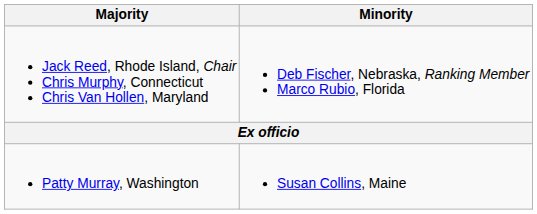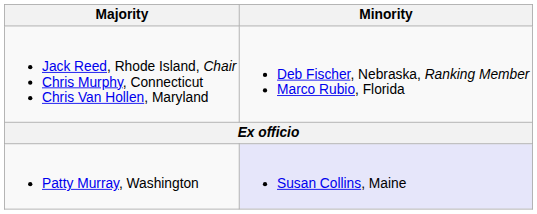 <table class=wikitable>
 <tr>
 <th>Majority</th>
 <th>Minority</th>
 </tr>
 <tr>
 <td><br><ul><li><a href='#'>Jack Reed</a>, Rhode Island, <em>Chair</em></li><li><a href='#'>Chris Murphy</a>, Connecticut</li><li><a href='#'>Chris Van Hollen</a>, Maryland</li></ul></td>
 <td><br><ul><li><a href='#'>Deb Fischer</a>, Nebraska, <em>Ranking Member</em></li><li><a href='#'>Marco Rubio</a>, Florida</li></ul></td>
 </tr>
 <tr>
 <th colspan=2 align=center><em>Ex officio</em></th>
 </tr>
 <tr>
 <td><br><ul><li><a href='#'>Patty Murray</a>, Washington</li></ul></td>
-<td><br><ul><li><a href='#'>Susan Collins</a>, Maine</li></ul></td>
+<td style="background: lavender;"><br><ul><li><a href='#'>Susan Collins</a>, Maine</li></ul></td>
 </tr>
 </table>
